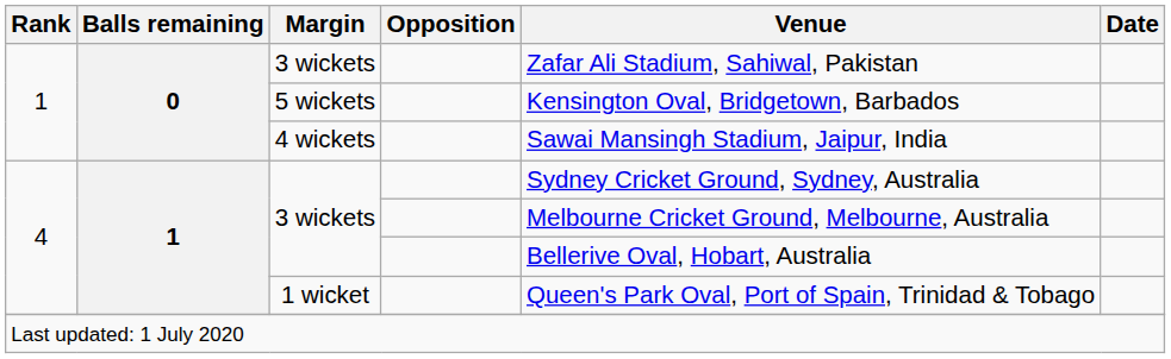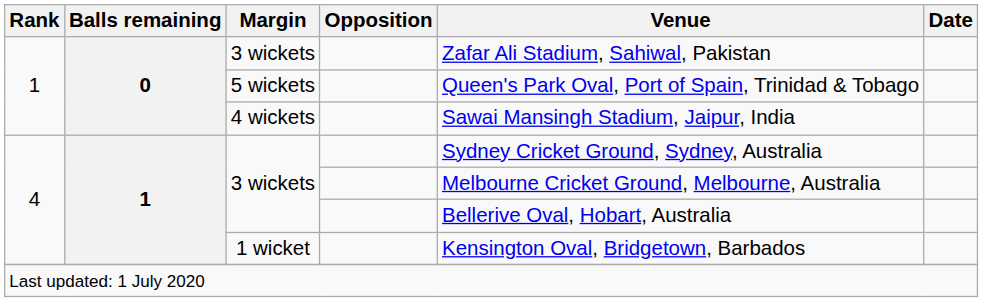 <table class="wikitable plainrowheaders sortable">
 <tr>
 <th scope=col>Rank</th>
 <th scope=col>Balls remaining</th>
 <th scope=col>Margin</th>
 <th scope=col>Opposition</th>
 <th scope=col>Venue</th>
 <th scope=col>Date</th>
 </tr>
 <tr>
 <td align=center rowspan=3>1</td>
 <th scope=row style=text-align:center; rowspan=3>0</th>
 <td scope=row style=text-align:center;>3 wickets</td>
 <td></td>
 <td><a href='#'>Zafar Ali Stadium</a>, <a href='#'>Sahiwal</a>, Pakistan</td>
 <td></td>
 </tr>
 <tr>
 <td scope=row style=text-align:center;>5 wickets</td>
 <td></td>
-<td><a href='#'>Kensington Oval</a>, <a href='#'>Bridgetown</a>, Barbados</td>
+<td><a href='#'>Queen's Park Oval</a>, <a href='#'>Port of Spain</a>, Trinidad & Tobago</td>
 <td></td>
 </tr>
 <tr>
 <td scope=row style=text-align:center;>4 wickets</td>
 <td></td>
 <td><a href='#'>Sawai Mansingh Stadium</a>, <a href='#'>Jaipur</a>, India</td>
 <td></td>
 </tr>
 <tr>
 <td align=center rowspan=4>4</td>
 <th scope=row style=text-align:center; rowspan=4>1</th>
 <td scope=row style=text-align:center; rowspan=3>3 wickets</td>
 <td></td>
 <td><a href='#'>Sydney Cricket Ground</a>, <a href='#'>Sydney</a>, Australia</td>
 <td></td>
 </tr>
 <tr>
 <td></td>
 <td><a href='#'>Melbourne Cricket Ground</a>, <a href='#'>Melbourne</a>, Australia</td>
 <td> </td>
 </tr>
 <tr>
 <td></td>
 <td><a href='#'>Bellerive Oval</a>, <a href='#'>Hobart</a>, Australia</td>
 <td></td>
 </tr>
 <tr>
 <td scope=row style=text-align:center;>1 wicket</td>
 <td></td>
-<td><a href='#'>Queen's Park Oval</a>, <a href='#'>Port of Spain</a>, Trinidad & Tobago</td>
+<td><a href='#'>Kensington Oval</a>, <a href='#'>Bridgetown</a>, Barbados</td>
 <td> </td>
 </tr>
 <tr>
 </tr>
 <tr class=sortbottom>
 <td colspan=6><small>Last updated: 1 July 2020</small></td>
 </tr>
 </table>
